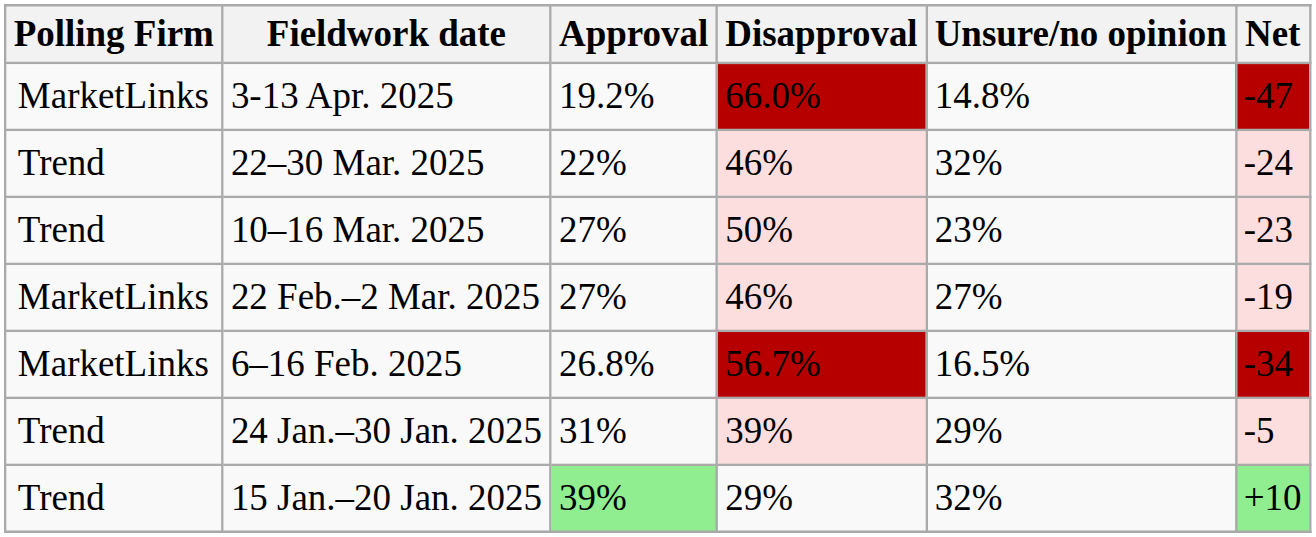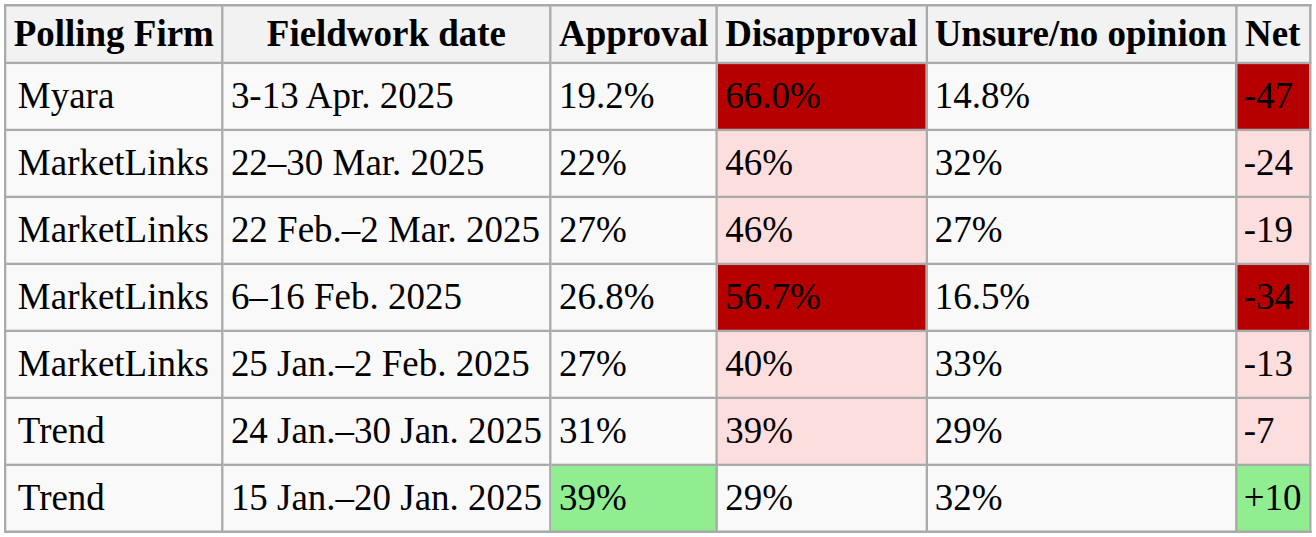 <table class="wikitable sortable">
 <tr>
 </tr>
 <tr>
 <th>Polling Firm</th>
 <th>Fieldwork date</th>
 <th>Approval</th>
 <th>Disapproval</th>
 <th>Unsure/no opinion</th>
 <th>Net</th>
 </tr>
 <tr>
-<td rowspan="1" style="padding:5px;">MarketLinks</td>
+<td style="padding:5px;">Myara</td>
 <td>3-13 Apr. 2025</td>
 <td>19.2%</td>
 <td style="background: #B60000; color: Black">66.0%</td>
 <td>14.8%</td>
 <td style="background: #B60000; color: Black">-47</td>
 </tr>
 <tr>
-<td rowspan="1" style="padding:5px;">Trend</td>
+<td rowspan="1" style="padding:5px;">MarketLinks</td>
 <td>22–30 Mar. 2025</td>
 <td>22%</td>
 <td style="background: #FDDEDE; color: Black">46%</td>
 <td>32%</td>
 <td style="background: #FDDEDE; color: Black">-24</td>
-</tr>
-<tr>
-<td rowspan="1" style="padding:5px;">Trend</td>
-<td>10–16 Mar. 2025</td>
-<td>27%</td>
-<td style="background: #FDDEDE; color: Black">50%</td>
-<td>23%</td>
-<td style="background: #FDDEDE; color: Black">-23</td>
 </tr>
 <tr>
 <td rowspan="1" style="padding:5px;">MarketLinks</td>
 <td>22 Feb.–2 Mar. 2025</td>
 <td>27%</td>
 <td style="background: #FDDEDE; color: Black">46%</td>
 <td>27%</td>
 <td style="background: #FDDEDE; color: Black">-19</td>
 </tr>
 <tr>
 <td rowspan="1" style="padding:5px;">MarketLinks</td>
 <td>6–16 Feb. 2025</td>
 <td>26.8%</td>
 <td style="background: #B60000; color: Black">56.7%</td>
 <td>16.5%</td>
 <td style="background: #B60000; color: Black">-34</td>
 </tr>
 <tr>
+<td rowspan="1" style="padding:5px;">MarketLinks</td>
+<td>25 Jan.–2 Feb. 2025</td>
+<td>27%</td>
+<td style="background: #FDDEDE; color: Black">40%</td>
+<td>33%</td>
+<td style="background: #FDDEDE; color: Black">-13</td>
+</tr>
+<tr>
 <td rowspan="1" style="padding:5px;">Trend</td>
 <td>24 Jan.–30 Jan. 2025</td>
 <td>31%</td>
 <td style="background: #FDDEDE; color: Black">39%</td>
 <td>29%</td>
-<td style="background: #FDDEDE; color: Black">-5</td>
+<td style="background: #FDDEDE; color: Black">-7</td>
 </tr>
 <tr>
 <td rowspan="1" style="padding:5px;">Trend</td>
 <td>15 Jan.–20 Jan. 2025</td>
 <td style="background: #90EE90; color: Black">39%</td>
 <td>29%</td>
 <td>32%</td>
 <td style="background: #90EE90; color: Black">+10</td>
 </tr>
 <tr>
 </tr>
 </table>
